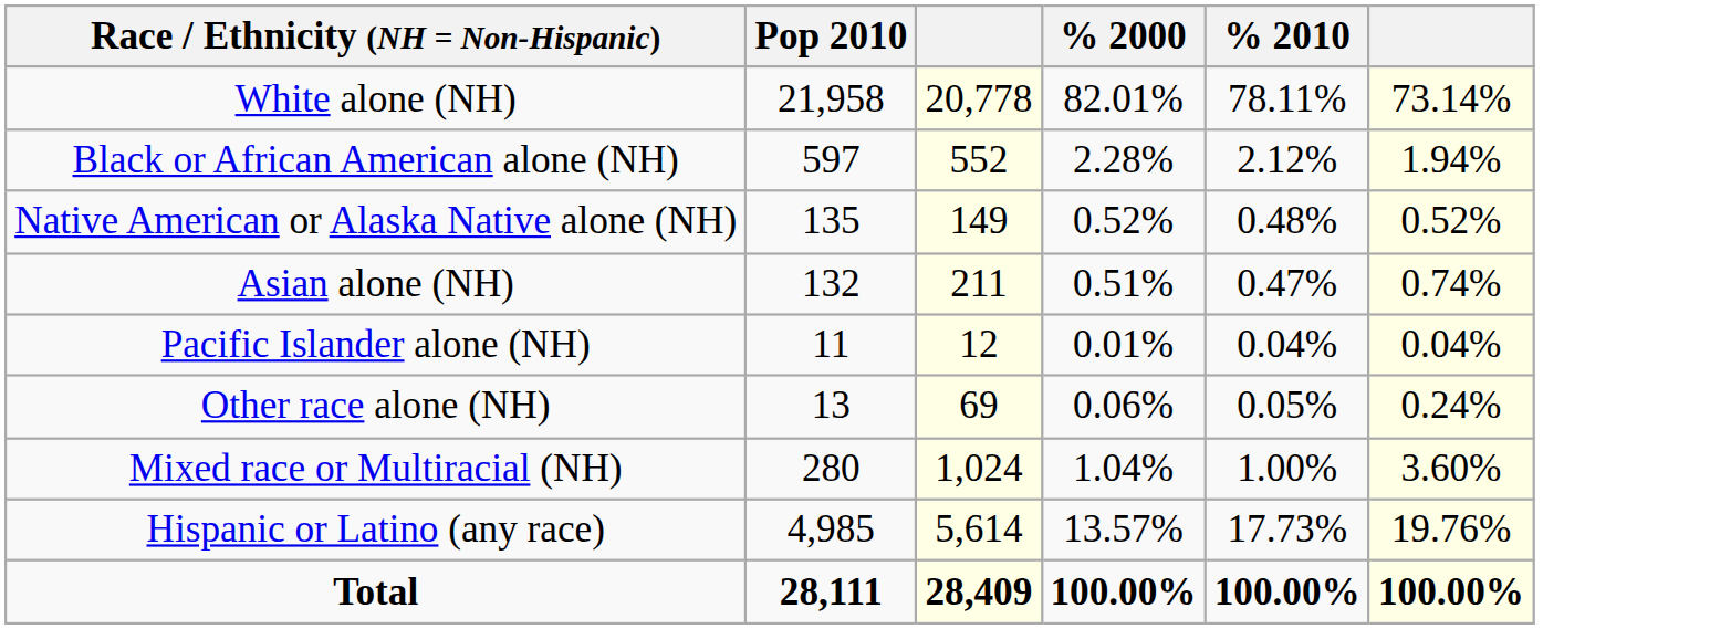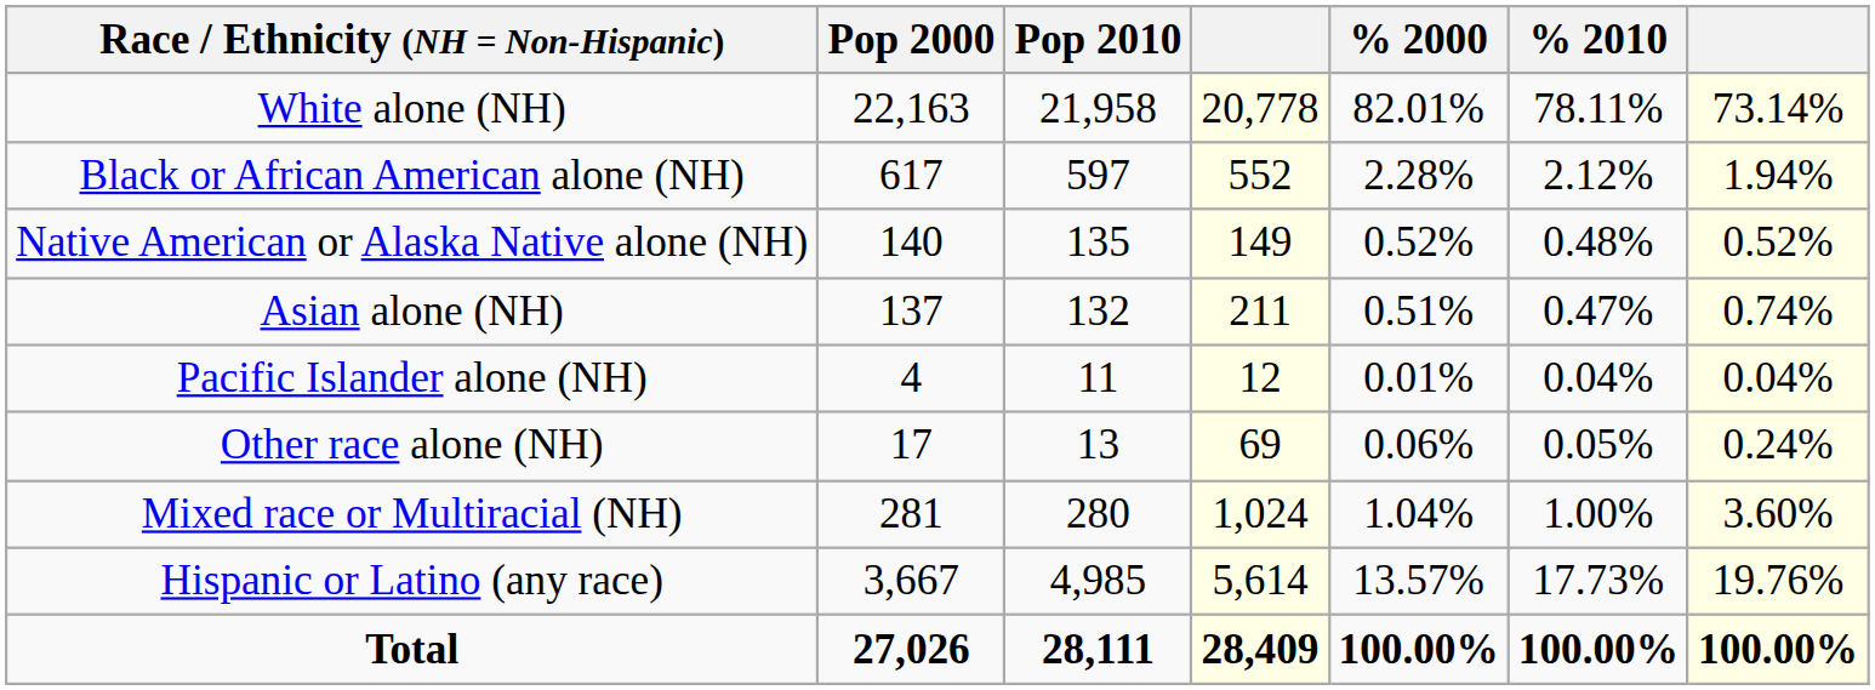 <table class="wikitable" style="text-align:center;">
 <tr>
 <th>Race / Ethnicity <small>(<em>NH = Non-Hispanic</em>)</small></th>
+<th>Pop 2000</th>
 <th>Pop 2010</th>
 <th></th>
 <th>% 2000</th>
 <th>% 2010</th>
 <th></th>
 </tr>
 <tr>
 <td><a href='#'>White</a> alone (NH)</td>
+<td>22,163</td>
 <td>21,958</td>
 <td style='background: #ffffe6;'>20,778</td>
 <td>82.01%</td>
 <td>78.11%</td>
 <td style='background: #ffffe6;'>73.14%</td>
 </tr>
 <tr>
 <td><a href='#'>Black or African American</a> alone (NH)</td>
+<td>617</td>
 <td>597</td>
 <td style='background: #ffffe6;'>552</td>
 <td>2.28%</td>
 <td>2.12%</td>
 <td style='background: #ffffe6;'>1.94%</td>
 </tr>
 <tr>
 <td><a href='#'>Native American</a> or <a href='#'>Alaska Native</a> alone (NH)</td>
+<td>140</td>
 <td>135</td>
 <td style='background: #ffffe6;'>149</td>
 <td>0.52%</td>
 <td>0.48%</td>
 <td style='background: #ffffe6;'>0.52%</td>
 </tr>
 <tr>
 <td><a href='#'>Asian</a> alone (NH)</td>
+<td>137</td>
 <td>132</td>
 <td style='background: #ffffe6;'>211</td>
 <td>0.51%</td>
 <td>0.47%</td>
 <td style='background: #ffffe6;'>0.74%</td>
 </tr>
 <tr>
 <td><a href='#'>Pacific Islander</a> alone (NH)</td>
+<td>4</td>
 <td>11</td>
 <td style='background: #ffffe6;'>12</td>
 <td>0.01%</td>
 <td>0.04%</td>
 <td style='background: #ffffe6;'>0.04%</td>
 </tr>
 <tr>
 <td><a href='#'>Other race</a> alone (NH)</td>
+<td>17</td>
 <td>13</td>
 <td style='background: #ffffe6;'>69</td>
 <td>0.06%</td>
 <td>0.05%</td>
 <td style='background: #ffffe6;'>0.24%</td>
 </tr>
 <tr>
 <td><a href='#'>Mixed race or Multiracial</a> (NH)</td>
+<td>281</td>
 <td>280</td>
 <td style='background: #ffffe6;'>1,024</td>
 <td>1.04%</td>
 <td>1.00%</td>
 <td style='background: #ffffe6;'>3.60%</td>
 </tr>
 <tr>
 <td><a href='#'>Hispanic or Latino</a> (any race)</td>
+<td>3,667</td>
 <td>4,985</td>
 <td style='background: #ffffe6;'>5,614</td>
 <td>13.57%</td>
 <td>17.73%</td>
 <td style='background: #ffffe6;'>19.76%</td>
 </tr>
 <tr>
 <td><strong>Total</strong></td>
+<td><strong>27,026</strong></td>
 <td><strong>28,111</strong></td>
 <td style='background: #ffffe6;'><strong>28,409</strong></td>
 <td><strong>100.00%</strong></td>
 <td><strong>100.00%</strong></td>
 <td style='background: #ffffe6;'><strong>100.00%</strong></td>
 </tr>
 </table>
